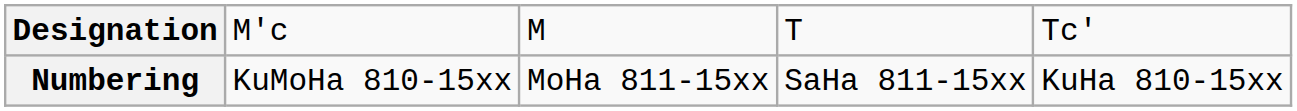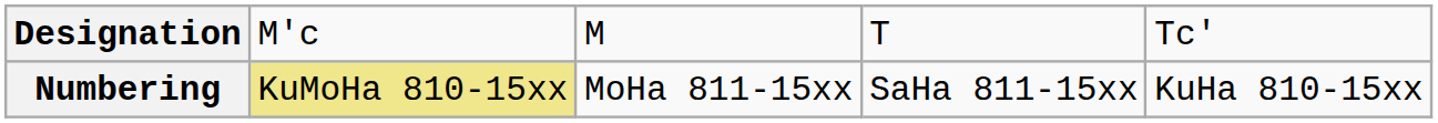 <table class="wikitable">
 <tr>
 <th>Designation</th>
 <td>M'c</td>
 <td>M</td>
 <td>T</td>
 <td>Tc'</td>
 </tr>
 <tr>
 <th>Numbering</th>
-<td>KuMoHa 810-15xx</td>
+<td style="background: khaki;">KuMoHa 810-15xx</td>
 <td>MoHa 811-15xx</td>
 <td>SaHa 811-15xx</td>
 <td>KuHa 810-15xx</td>
 </tr>
 </table>
